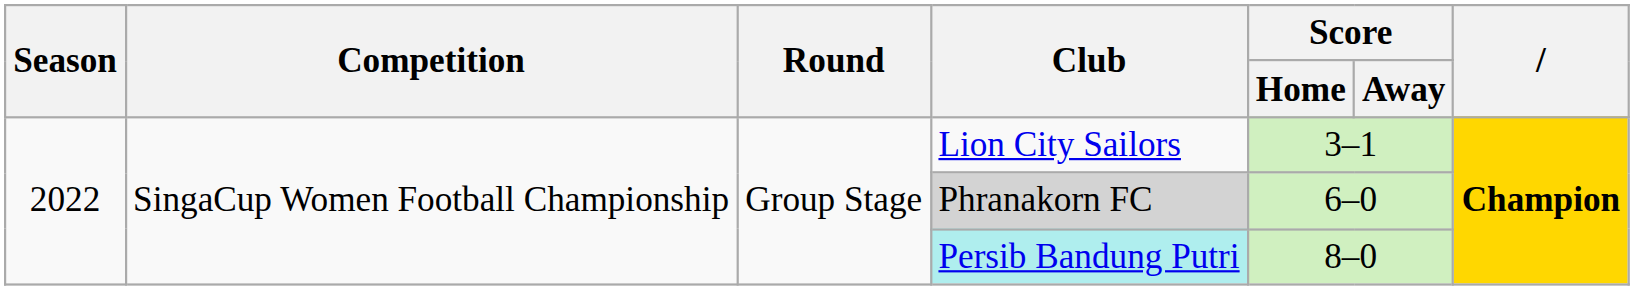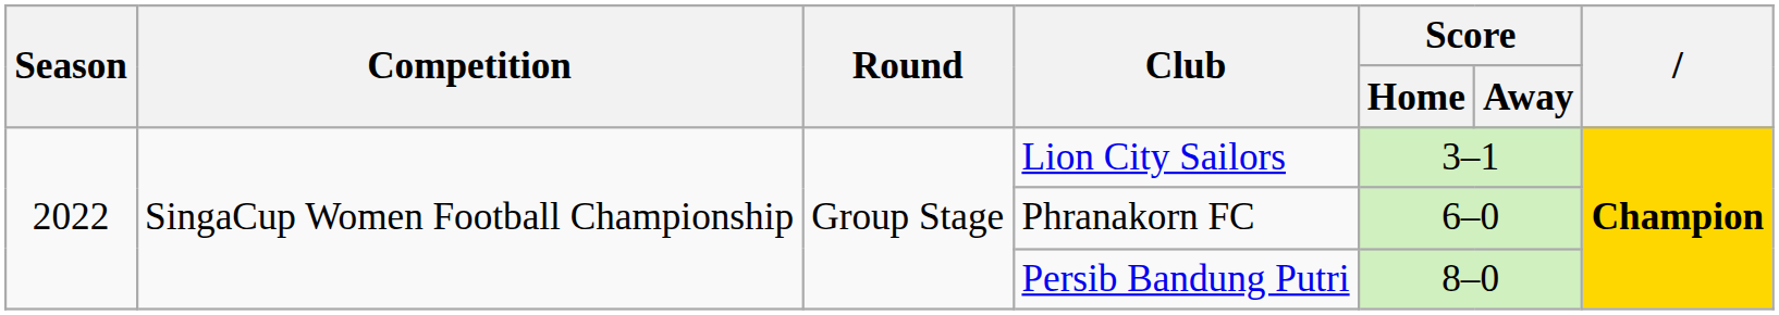 <table class="wikitable">
 <tr>
 <th rowspan=2>Season</th>
 <th rowspan=2>Competition</th>
 <th rowspan=2>Round</th>
 <th rowspan=2>Club</th>
 <th colspan="2">Score</th>
 <th rowspan=2> / </th>
 </tr>
 <tr>
 <th>Home</th>
 <th>Away</th>
 </tr>
 <tr>
 <td rowspan=3 style="text-align:center;">2022</td>
 <td rowspan=3 style="text-align:center;">SingaCup Women Football Championship</td>
 <td rowspan=3 style="text-align:center;">Group Stage</td>
 <td> <a href='#'>Lion City Sailors</a></td>
 <td colspan=2; bgcolor=#D0F0C0 style="text-align:center;">3–1</td>
 <td rowspan=3 bgcolor=gold style="text-align:center;"><strong>Champion</strong></td>
 </tr>
 <tr>
-<td style="background: lightgrey;"> Phranakorn FC</td>
+<td> Phranakorn FC</td>
 <td colspan=2; bgcolor=#D0F0C0 style="text-align:center;">6–0</td>
 </tr>
 <tr>
-<td style="background: paleturquoise;"> <a href='#'>Persib Bandung Putri</a></td>
+<td> <a href='#'>Persib Bandung Putri</a></td>
 <td colspan=2; bgcolor=#D0F0C0 style="text-align:center;">8–0</td>
 </tr>
 </table>
